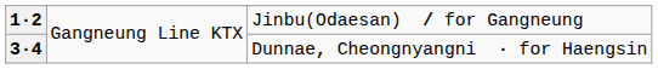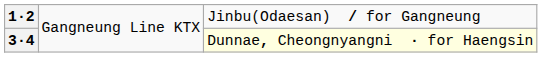 <table class="wikitable">
 <tr>
 <th>1·2</th>
 <td rowspan="2">Gangneung Line KTX</td>
 <td>Jinbu(Odaesan)  <strong>/</strong> for Gangneung</td>
 </tr>
 <tr>
 <th>3·4</th>
-<td>Dunnae<strong>,</strong> Cheongnyangni  <strong>·</strong> for Haengsin</td>
+<td style="background: lightyellow;">Dunnae<strong>,</strong> Cheongnyangni  <strong>·</strong> for Haengsin</td>
 </tr>
 </table>
